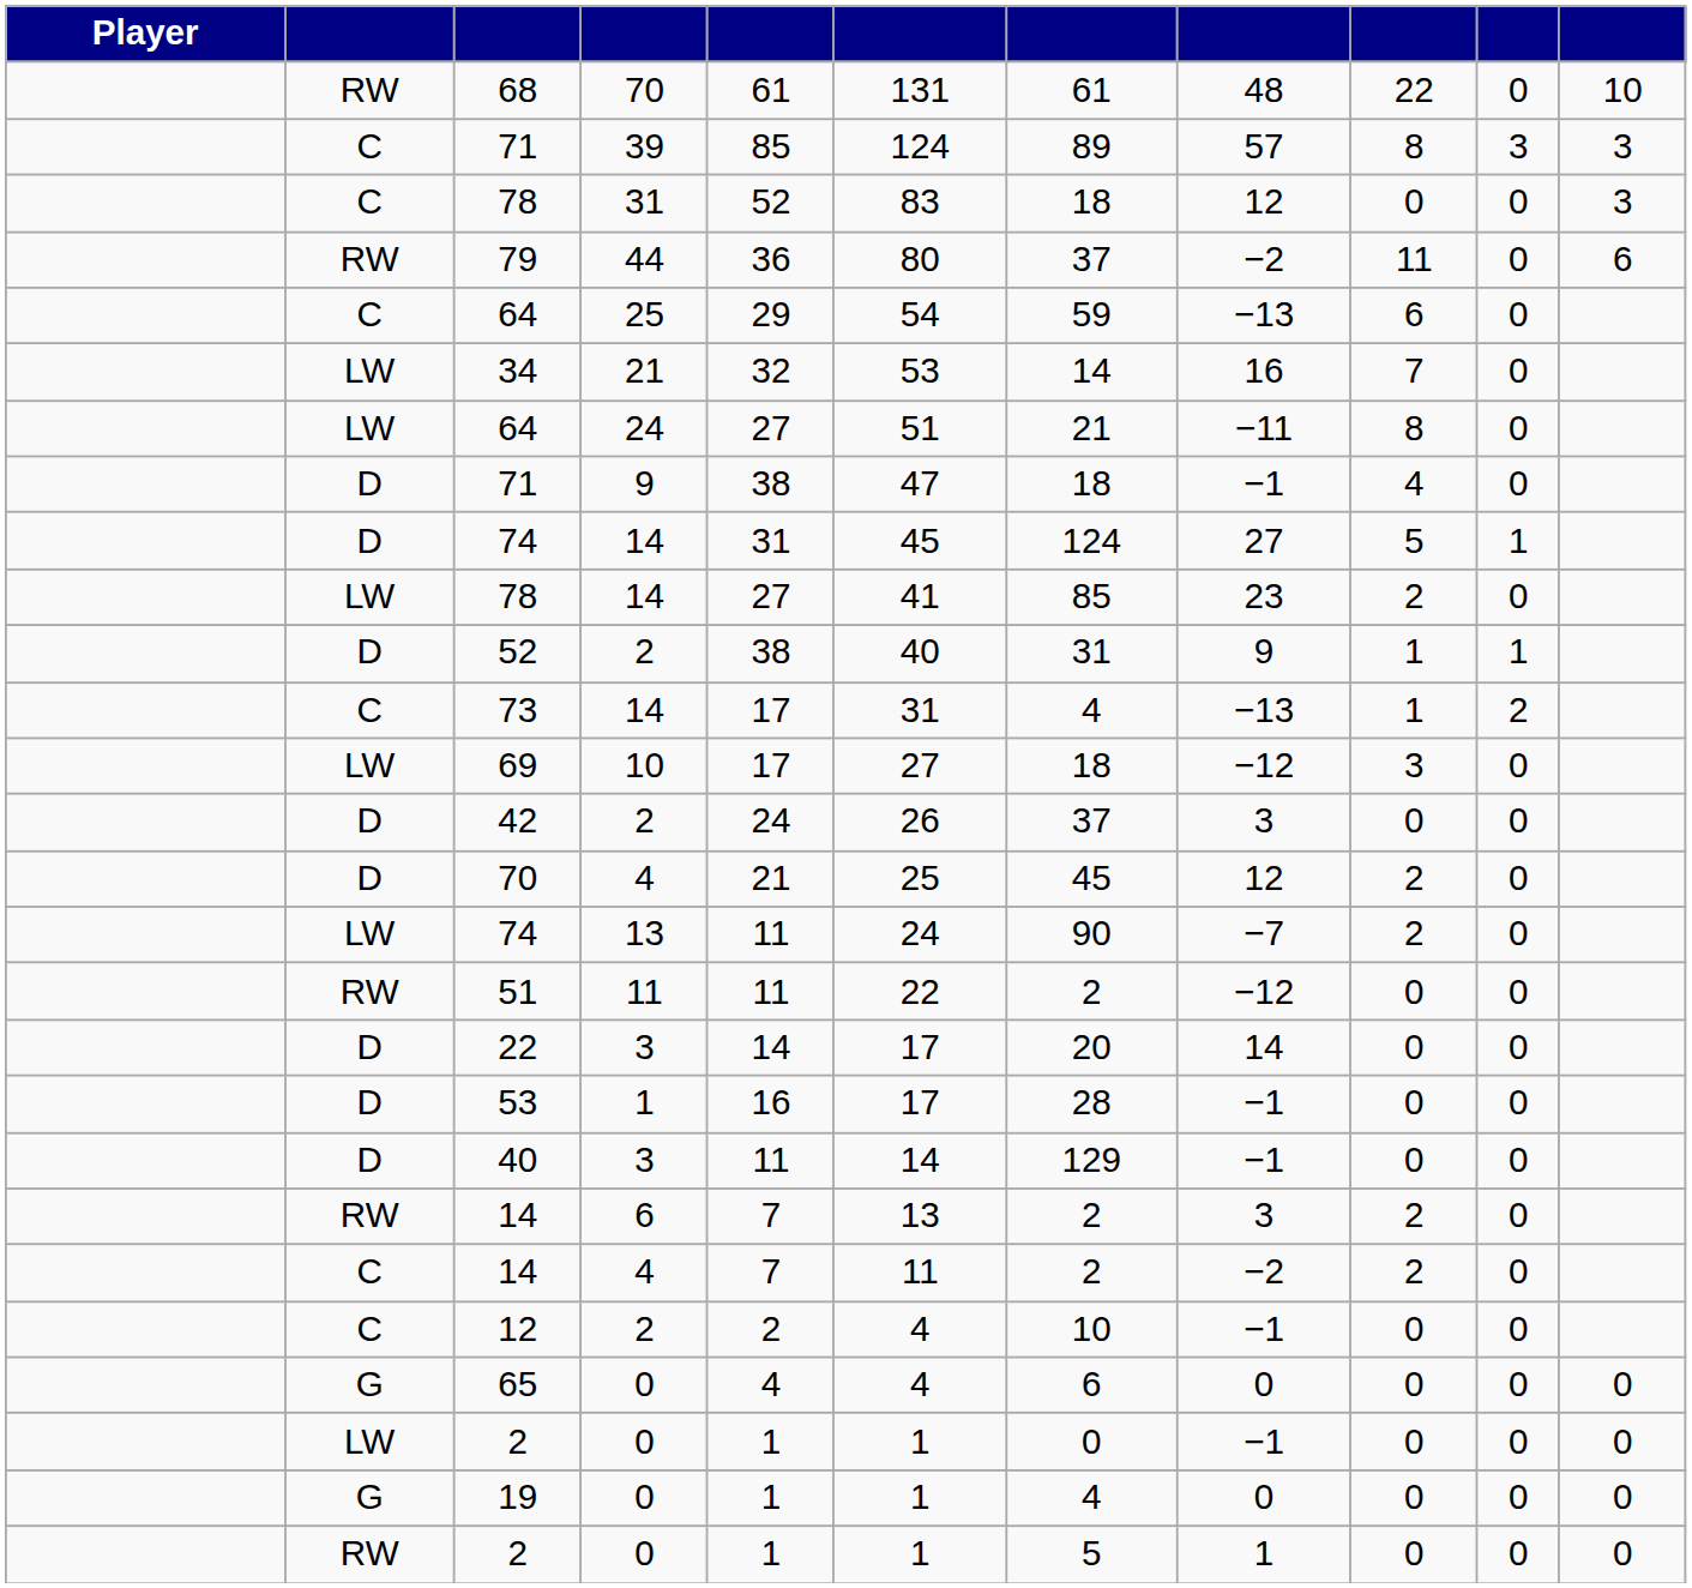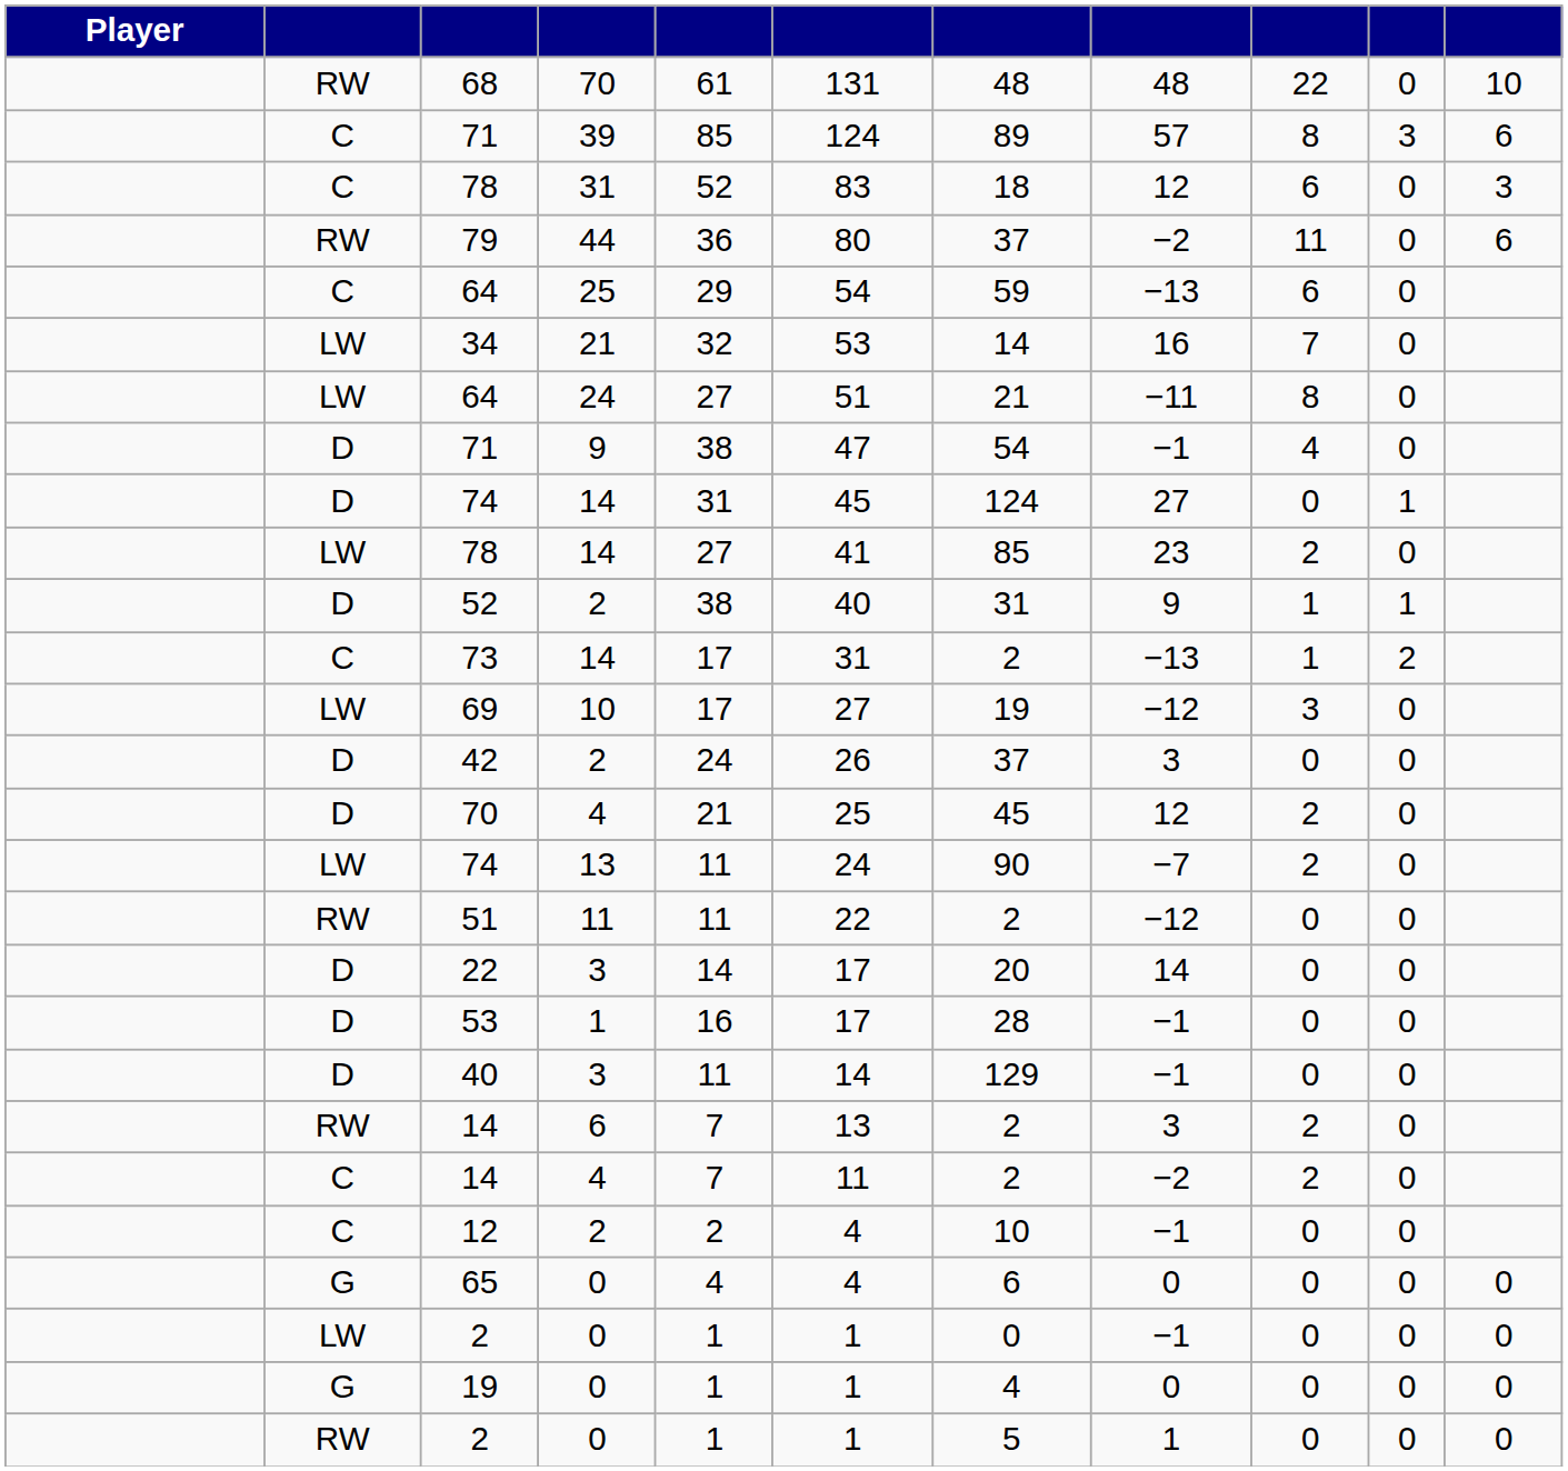 <table class="wikitable sortable" style="width:60%; text-align:center;">
 <tr align=center>
 <th style="color:white; background:#000084; ">Player</th>
 <th style="color:white; background:#000084; "></th>
 <th style="color:white; background:#000084; "></th>
 <th style="color:white; background:#000084; "></th>
 <th style="color:white; background:#000084; "></th>
 <th style="color:white; background:#000084; "></th>
 <th style="color:white; background:#000084; "></th>
 <th style="color:white; background:#000084; "></th>
 <th style="color:white; background:#000084; "></th>
 <th style="color:white; background:#000084; "></th>
 <th style="color:white; background:#000084; "></th>
 </tr>
 <tr>
 <td align="right"></td>
 <td>RW</td>
 <td>68</td>
 <td>70</td>
 <td>61</td>
 <td>131</td>
-<td>61</td>
+<td>48</td>
 <td>48</td>
 <td>22</td>
 <td>0</td>
 <td>10</td>
 </tr>
 <tr align="center">
 <td align="right"></td>
 <td>C</td>
 <td>71</td>
 <td>39</td>
 <td>85</td>
 <td>124</td>
 <td>89</td>
 <td>57</td>
 <td>8</td>
 <td>3</td>
-<td>3</td>
+<td>6</td>
 </tr>
 <tr align="center">
 <td align="right"></td>
 <td>C</td>
 <td>78</td>
 <td>31</td>
 <td>52</td>
 <td>83</td>
 <td>18</td>
 <td>12</td>
-<td>0</td>
+<td>6</td>
 <td>0</td>
 <td>3</td>
 </tr>
 <tr align="center">
 <td align="right"></td>
 <td>RW</td>
 <td>79</td>
 <td>44</td>
 <td>36</td>
 <td>80</td>
 <td>37</td>
 <td>−2</td>
 <td>11</td>
 <td>0</td>
 <td>6</td>
 </tr>
 <tr align="center">
 <td align="right"></td>
 <td>C</td>
 <td>64</td>
 <td>25</td>
 <td>29</td>
 <td>54</td>
 <td>59</td>
 <td>−13</td>
 <td>6</td>
 <td>0</td>
 <td></td>
 </tr>
 <tr align="center">
 <td align="right"></td>
 <td>LW</td>
 <td>34</td>
 <td>21</td>
 <td>32</td>
 <td>53</td>
 <td>14</td>
 <td>16</td>
 <td>7</td>
 <td>0</td>
 <td></td>
 </tr>
 <tr align="center">
 <td align="right"></td>
 <td>LW</td>
 <td>64</td>
 <td>24</td>
 <td>27</td>
 <td>51</td>
 <td>21</td>
 <td>−11</td>
 <td>8</td>
 <td>0</td>
 <td></td>
 </tr>
 <tr align="center">
 <td align="right"></td>
 <td>D</td>
 <td>71</td>
 <td>9</td>
 <td>38</td>
 <td>47</td>
-<td>18</td>
+<td>54</td>
 <td>−1</td>
 <td>4</td>
 <td>0</td>
 <td></td>
 </tr>
 <tr align="center">
 <td align="right"></td>
 <td>D</td>
 <td>74</td>
 <td>14</td>
 <td>31</td>
 <td>45</td>
 <td>124</td>
 <td>27</td>
-<td>5</td>
+<td>0</td>
 <td>1</td>
 <td></td>
 </tr>
 <tr align="center">
 <td align="right"></td>
 <td>LW</td>
 <td>78</td>
 <td>14</td>
 <td>27</td>
 <td>41</td>
 <td>85</td>
 <td>23</td>
 <td>2</td>
 <td>0</td>
 <td></td>
 </tr>
 <tr align="center">
 <td align="right"></td>
 <td>D</td>
 <td>52</td>
 <td>2</td>
 <td>38</td>
 <td>40</td>
 <td>31</td>
 <td>9</td>
 <td>1</td>
 <td>1</td>
 <td></td>
 </tr>
 <tr align="center">
 <td align="right"></td>
 <td>C</td>
 <td>73</td>
 <td>14</td>
 <td>17</td>
 <td>31</td>
-<td>4</td>
+<td>2</td>
 <td>−13</td>
 <td>1</td>
 <td>2</td>
 <td></td>
 </tr>
 <tr align="center">
 <td align="right"></td>
 <td>LW</td>
 <td>69</td>
 <td>10</td>
 <td>17</td>
 <td>27</td>
-<td>18</td>
+<td>19</td>
 <td>−12</td>
 <td>3</td>
 <td>0</td>
 <td></td>
 </tr>
 <tr align="center">
 <td align="right"></td>
 <td>D</td>
 <td>42</td>
 <td>2</td>
 <td>24</td>
 <td>26</td>
 <td>37</td>
 <td>3</td>
 <td>0</td>
 <td>0</td>
 <td></td>
 </tr>
 <tr align="center">
 <td align="right"></td>
 <td>D</td>
 <td>70</td>
 <td>4</td>
 <td>21</td>
 <td>25</td>
 <td>45</td>
 <td>12</td>
 <td>2</td>
 <td>0</td>
 <td></td>
 </tr>
 <tr align="center">
 <td align="right"></td>
 <td>LW</td>
 <td>74</td>
 <td>13</td>
 <td>11</td>
 <td>24</td>
 <td>90</td>
 <td>−7</td>
 <td>2</td>
 <td>0</td>
 <td></td>
 </tr>
 <tr align="center">
 <td align="right"></td>
 <td>RW</td>
 <td>51</td>
 <td>11</td>
 <td>11</td>
 <td>22</td>
 <td>2</td>
 <td>−12</td>
 <td>0</td>
 <td>0</td>
 <td></td>
 </tr>
 <tr align="center">
 <td align="right"></td>
 <td>D</td>
 <td>22</td>
 <td>3</td>
 <td>14</td>
 <td>17</td>
 <td>20</td>
 <td>14</td>
 <td>0</td>
 <td>0</td>
 <td></td>
 </tr>
 <tr align="center">
 <td align="right"></td>
 <td>D</td>
 <td>53</td>
 <td>1</td>
 <td>16</td>
 <td>17</td>
 <td>28</td>
 <td>−1</td>
 <td>0</td>
 <td>0</td>
 <td></td>
 </tr>
 <tr align="center">
 <td align="right"></td>
 <td>D</td>
 <td>40</td>
 <td>3</td>
 <td>11</td>
 <td>14</td>
 <td>129</td>
 <td>−1</td>
 <td>0</td>
 <td>0</td>
 <td></td>
 </tr>
 <tr align="center">
 <td align="right"></td>
 <td>RW</td>
 <td>14</td>
 <td>6</td>
 <td>7</td>
 <td>13</td>
 <td>2</td>
 <td>3</td>
 <td>2</td>
 <td>0</td>
 <td></td>
 </tr>
 <tr align="center">
 <td align="right"></td>
 <td>C</td>
 <td>14</td>
 <td>4</td>
 <td>7</td>
 <td>11</td>
 <td>2</td>
 <td>−2</td>
 <td>2</td>
 <td>0</td>
 <td></td>
 </tr>
 <tr align="center">
 <td align="right"></td>
 <td>C</td>
 <td>12</td>
 <td>2</td>
 <td>2</td>
 <td>4</td>
 <td>10</td>
 <td>−1</td>
 <td>0</td>
 <td>0</td>
 <td></td>
 </tr>
 <tr align="center">
 <td align="right"></td>
 <td>G</td>
 <td>65</td>
 <td>0</td>
 <td>4</td>
 <td>4</td>
 <td>6</td>
 <td>0</td>
 <td>0</td>
 <td>0</td>
 <td>0</td>
 </tr>
 <tr align="center">
 <td align="right"></td>
 <td>LW</td>
 <td>2</td>
 <td>0</td>
 <td>1</td>
 <td>1</td>
 <td>0</td>
 <td>−1</td>
 <td>0</td>
 <td>0</td>
 <td>0</td>
 </tr>
 <tr align="center">
 <td align="right"></td>
 <td>G</td>
 <td>19</td>
 <td>0</td>
 <td>1</td>
 <td>1</td>
 <td>4</td>
 <td>0</td>
 <td>0</td>
 <td>0</td>
 <td>0</td>
 </tr>
 <tr align="center">
 <td align="right"></td>
 <td>RW</td>
 <td>2</td>
 <td>0</td>
 <td>1</td>
 <td>1</td>
 <td>5</td>
 <td>1</td>
 <td>0</td>
 <td>0</td>
 <td>0</td>
 </tr>
 </table>
